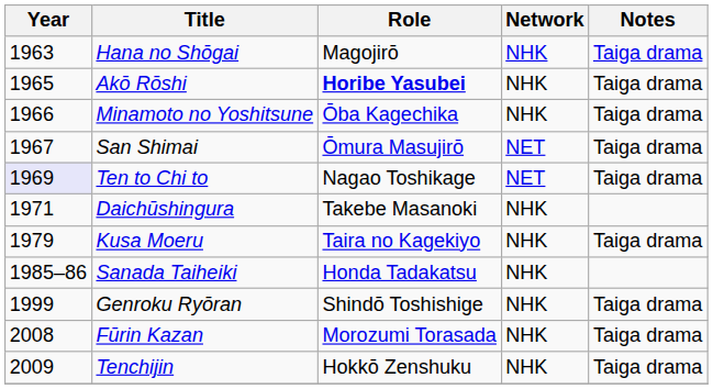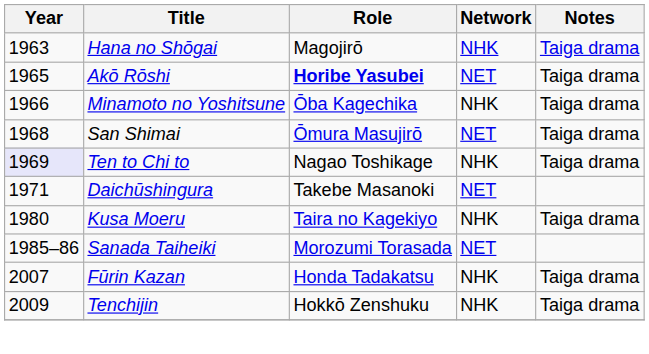 <table class="wikitable">
 <tr>
 <th>Year</th>
 <th>Title</th>
 <th>Role</th>
 <th>Network</th>
 <th>Notes</th>
 </tr>
 <tr>
 <td>1963</td>
 <td><em><a href='#'>Hana no Shōgai</a></em></td>
 <td>Magojirō</td>
 <td><a href='#'>NHK</a></td>
 <td><a href='#'>Taiga drama</a></td>
 </tr>
 <tr>
 <td>1965</td>
 <td><em><a href='#'>Akō Rōshi</a></em></td>
 <td><strong><a href='#'>Horibe Yasubei</a></strong></td>
-<td>NHK</td>
+<td><a href='#'>NET</a></td>
 <td>Taiga drama</td>
 </tr>
 <tr>
 <td>1966</td>
 <td><em><a href='#'>Minamoto no Yoshitsune</a></em></td>
 <td><a href='#'>Ōba Kagechika</a></td>
 <td>NHK</td>
 <td>Taiga drama</td>
 </tr>
 <tr>
-<td>1967</td>
+<td>1968</td>
 <td><em>San Shimai</em></td>
 <td><a href='#'>Ōmura Masujirō</a></td>
 <td><a href='#'>NET</a></td>
 <td>Taiga drama</td>
 </tr>
 <tr>
 <td style="background: lavender;">1969</td>
 <td><em><a href='#'>Ten to Chi to</a></em></td>
 <td>Nagao Toshikage</td>
-<td><a href='#'>NET</a></td>
+<td>NHK</td>
 <td>Taiga drama</td>
 </tr>
 <tr>
 <td>1971</td>
 <td><em><a href='#'>Daichūshingura</a></em></td>
 <td>Takebe Masanoki</td>
-<td>NHK</td>
+<td><a href='#'>NET</a></td>
 <td></td>
 </tr>
 <tr>
-<td>1979</td>
+<td>1980</td>
 <td><em><a href='#'>Kusa Moeru</a></em></td>
 <td><a href='#'>Taira no Kagekiyo</a></td>
 <td>NHK</td>
 <td>Taiga drama</td>
 </tr>
 <tr>
 <td>1985–86</td>
 <td><em><a href='#'>Sanada Taiheiki</a></em></td>
-<td><a href='#'>Honda Tadakatsu</a></td>
-<td>NHK</td>
+<td><a href='#'>Morozumi Torasada</a></td>
+<td><a href='#'>NET</a></td>
 <td></td>
 </tr>
 <tr>
-<td>1999</td>
-<td><em>Genroku Ryōran</em></td>
-<td>Shindō Toshishige</td>
-<td>NHK</td>
-<td>Taiga drama</td>
-</tr>
-<tr>
-<td>2008</td>
+<td>2007</td>
 <td><em><a href='#'>Fūrin Kazan</a></em></td>
-<td><a href='#'>Morozumi Torasada</a></td>
+<td><a href='#'>Honda Tadakatsu</a></td>
 <td>NHK</td>
 <td>Taiga drama</td>
 </tr>
 <tr>
 <td>2009</td>
 <td><em><a href='#'>Tenchijin</a></em></td>
 <td>Hokkō Zenshuku</td>
 <td>NHK</td>
 <td>Taiga drama</td>
 </tr>
 <tr>
 </tr>
 </table>
